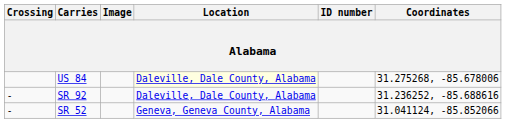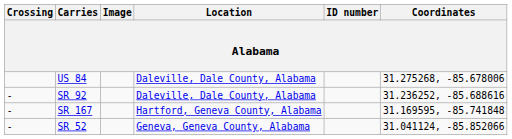 <table class="wikitable">
 <tr>
 <th>Crossing</th>
 <th>Carries</th>
 <th>Image</th>
 <th>Location</th>
 <th>ID number</th>
 <th>Coordinates</th>
 </tr>
 <tr>
 <th colspan="6"><br><h3>Alabama</h3></th>
 </tr>
 <tr>
 <td></td>
 <td> <a href='#'>US 84</a></td>
 <td></td>
-<td style="background: lightyellow;"><a href='#'>Daleville, Dale County, Alabama</a></td>
+<td><a href='#'>Daleville, Dale County, Alabama</a></td>
 <td></td>
 <td>31.275268, -85.678006</td>
 </tr>
 <tr>
 <td>-</td>
 <td> <a href='#'>SR 92</a></td>
 <td></td>
 <td><a href='#'>Daleville, Dale County, Alabama</a></td>
 <td></td>
 <td>31.236252, -85.688616</td>
 </tr>
 <tr>
 <td>-</td>
+<td> <a href='#'>SR 167</a></td>
+<td></td>
+<td><a href='#'>Hartford, Geneva County, Alabama</a></td>
+<td></td>
+<td>31.169595, -85.741848</td>
+</tr>
+<tr>
+<td>-</td>
 <td> <a href='#'>SR 52</a></td>
 <td></td>
 <td><a href='#'>Geneva, Geneva County, Alabama</a></td>
 <td></td>
 <td>31.041124, -85.852066</td>
 </tr>
 </table>
